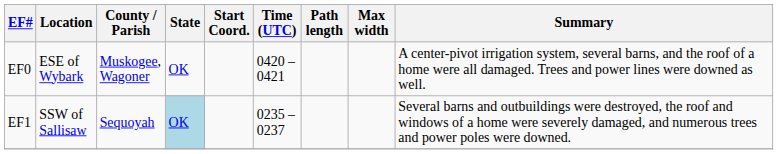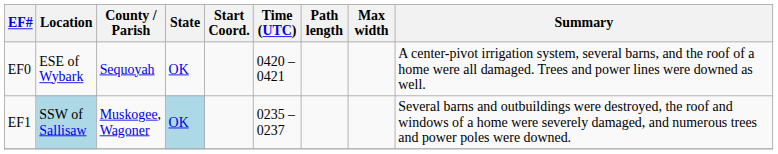 <table class="wikitable sortable" style="width:100%;">
 <tr>
 <th scope="col"  style="width:3%; text-align:center;"><a href='#'>EF#</a></th>
 <th scope="col"  style="width:7%; text-align:center;" class="unsortable">Location</th>
 <th scope="col"  style="width:6%; text-align:center;" class="unsortable">County / Parish</th>
 <th scope="col"  style="width:5%; text-align:center;">State</th>
 <th scope="col"  style="width:6%; text-align:center;">Start Coord.</th>
 <th scope="col"  style="width:6%; text-align:center;">Time (<a href='#'>UTC</a>)</th>
 <th scope="col"  style="width:6%; text-align:center;">Path length</th>
 <th scope="col"  style="width:6%; text-align:center;">Max width</th>
 <th scope="col" class="unsortable" style="width:48%; text-align:center;">Summary</th>
 </tr>
 <tr>
 <td>EF0</td>
 <td>ESE of <a href='#'>Wybark</a></td>
-<td><a href='#'>Muskogee</a>, <a href='#'>Wagoner</a></td>
+<td><a href='#'>Sequoyah</a></td>
 <td><a href='#'>OK</a></td>
 <td></td>
 <td>0420 – 0421</td>
 <td></td>
 <td></td>
 <td>A center-pivot irrigation system, several barns, and the roof of a home were all damaged. Trees and power lines were downed as well.</td>
 </tr>
 <tr>
 <td>EF1</td>
-<td>SSW of <a href='#'>Sallisaw</a></td>
-<td><a href='#'>Sequoyah</a></td>
+<td style="background: lightblue;">SSW of <a href='#'>Sallisaw</a></td>
+<td><a href='#'>Muskogee</a>, <a href='#'>Wagoner</a></td>
 <td style="background: lightblue;"><a href='#'>OK</a></td>
 <td></td>
 <td>0235 – 0237</td>
 <td></td>
 <td></td>
 <td>Several barns and outbuildings were destroyed, the roof and windows of a home were severely damaged, and numerous trees and power poles were downed.</td>
 </tr>
 <tr>
 </tr>
 </table>
